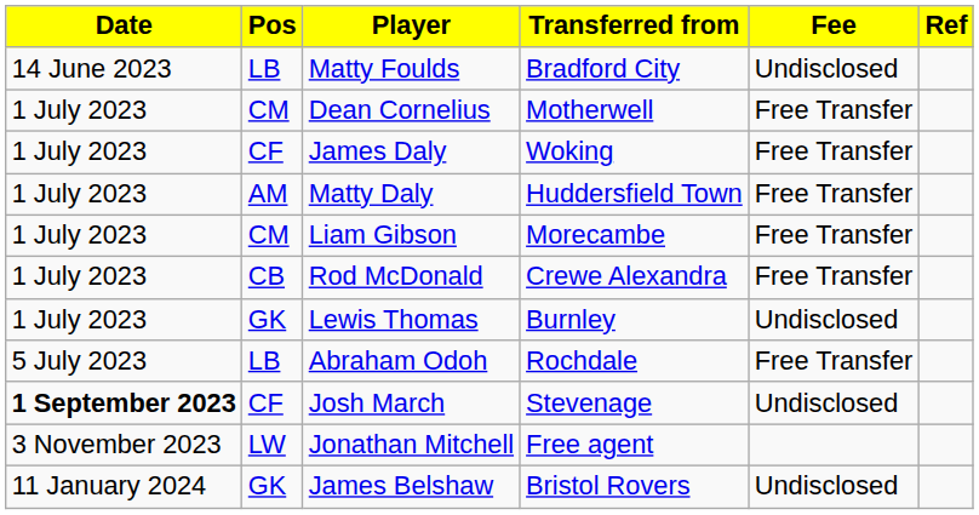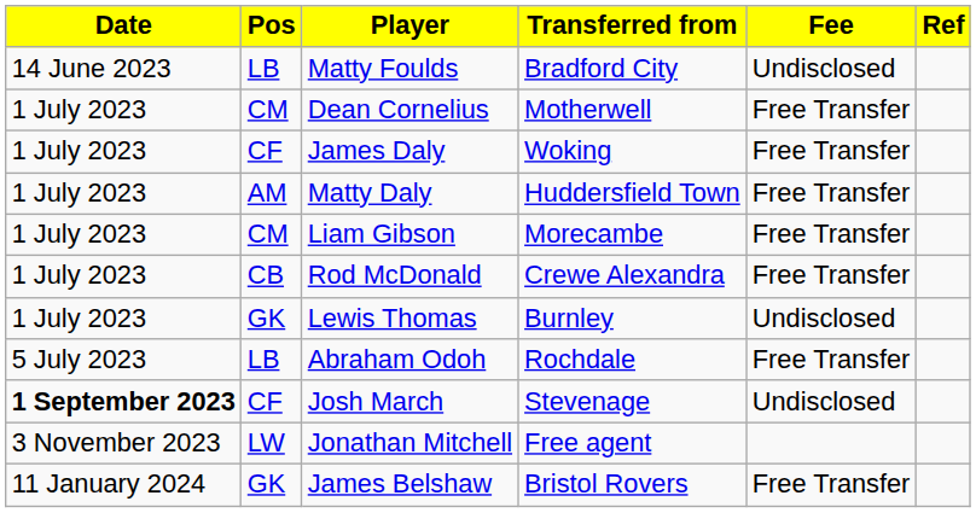 <table class="wikitable plainrowheaders sortable">
 <tr>
 <th style="background: yellow; color: black; ">Date</th>
 <th style="background: yellow; color: black; ">Pos</th>
 <th style="background: yellow; color: black; ">Player</th>
 <th style="background: yellow; color: black; ">Transferred from</th>
 <th style="background: yellow; color: black; ">Fee</th>
 <th style="background: yellow; color: black; ">Ref</th>
 </tr>
 <tr>
 <td>14 June 2023</td>
 <td><a href='#'>LB</a></td>
 <td> <a href='#'>Matty Foulds</a></td>
 <td> <a href='#'>Bradford City</a></td>
 <td>Undisclosed</td>
 <td></td>
 </tr>
 <tr>
 <td>1 July 2023</td>
 <td><a href='#'>CM</a></td>
 <td> <a href='#'>Dean Cornelius</a></td>
 <td> <a href='#'>Motherwell</a></td>
 <td>Free Transfer</td>
 <td></td>
 </tr>
 <tr>
 <td>1 July 2023</td>
 <td><a href='#'>CF</a></td>
 <td> <a href='#'>James Daly</a></td>
 <td> <a href='#'>Woking</a></td>
 <td>Free Transfer</td>
 <td></td>
 </tr>
 <tr>
 <td>1 July 2023</td>
 <td><a href='#'>AM</a></td>
 <td> <a href='#'>Matty Daly</a></td>
 <td> <a href='#'>Huddersfield Town</a></td>
 <td>Free Transfer</td>
 <td></td>
 </tr>
 <tr>
 <td>1 July 2023</td>
 <td><a href='#'>CM</a></td>
 <td> <a href='#'>Liam Gibson</a></td>
 <td> <a href='#'>Morecambe</a></td>
 <td>Free Transfer</td>
 <td></td>
 </tr>
 <tr>
 <td>1 July 2023</td>
 <td><a href='#'>CB</a></td>
 <td> <a href='#'>Rod McDonald</a></td>
 <td> <a href='#'>Crewe Alexandra</a></td>
 <td>Free Transfer</td>
 <td></td>
 </tr>
 <tr>
 <td>1 July 2023</td>
 <td><a href='#'>GK</a></td>
 <td> <a href='#'>Lewis Thomas</a></td>
 <td> <a href='#'>Burnley</a></td>
 <td>Undisclosed</td>
 <td></td>
 </tr>
 <tr>
 <td>5 July 2023</td>
 <td><a href='#'>LB</a></td>
 <td> <a href='#'>Abraham Odoh</a></td>
 <td> <a href='#'>Rochdale</a></td>
 <td>Free Transfer</td>
 <td></td>
 </tr>
 <tr>
 <td><strong>1 September 2023</strong></td>
 <td><a href='#'>CF</a></td>
 <td> <a href='#'>Josh March</a></td>
 <td> <a href='#'>Stevenage</a></td>
 <td>Undisclosed</td>
 <td></td>
 </tr>
 <tr>
 <td>3 November 2023</td>
 <td><a href='#'>LW</a></td>
 <td> <a href='#'>Jonathan Mitchell</a></td>
 <td> <a href='#'>Free agent</a></td>
 <td></td>
 <td></td>
 </tr>
 <tr>
 <td>11 January 2024</td>
 <td><a href='#'>GK</a></td>
 <td> <a href='#'>James Belshaw</a></td>
 <td> <a href='#'>Bristol Rovers</a></td>
-<td>Undisclosed</td>
+<td>Free Transfer</td>
 <td></td>
 </tr>
 </table>
